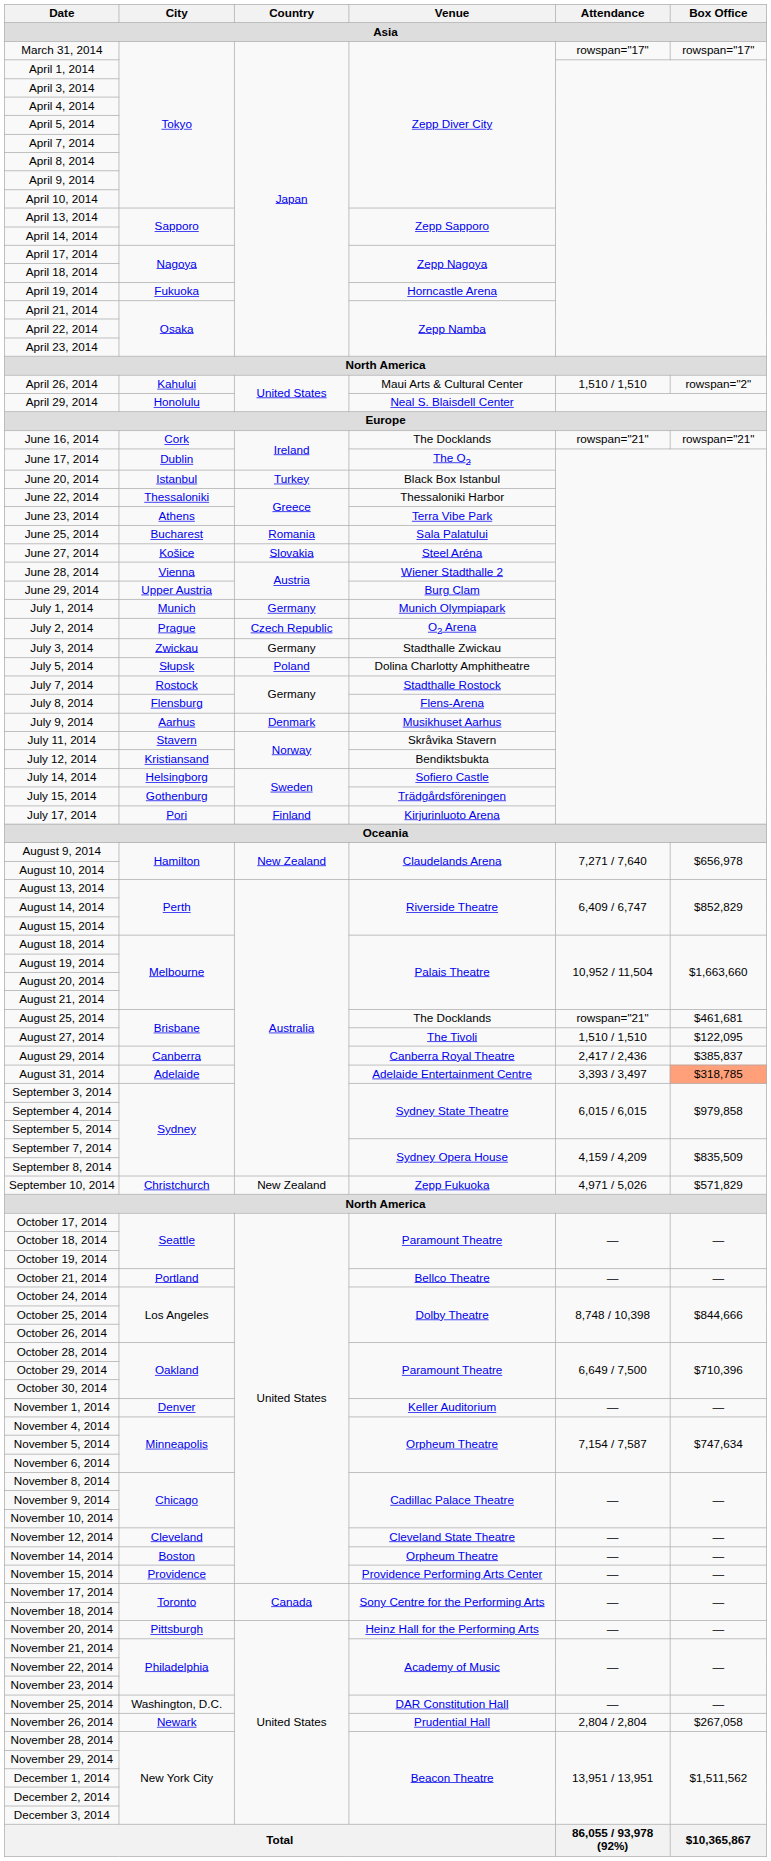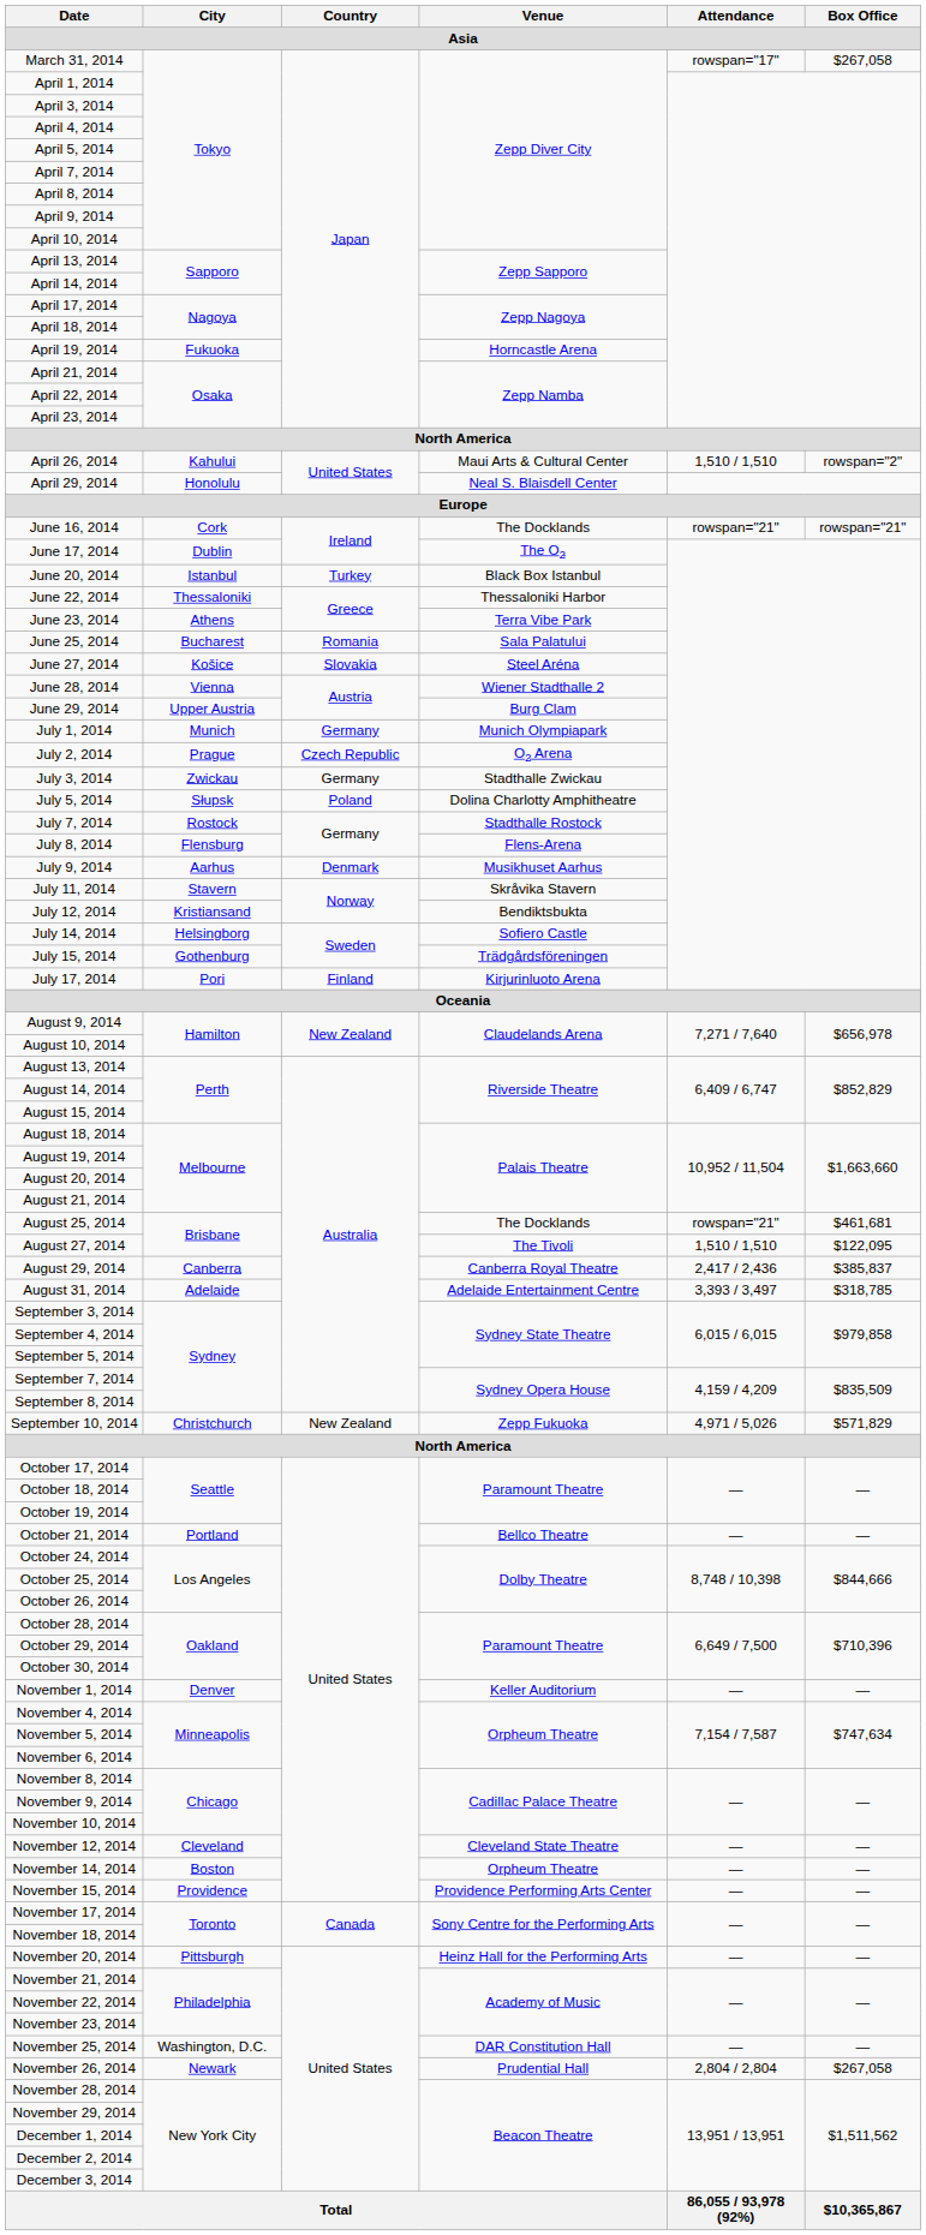 <table class="wikitable" style="text-align:center;">
 <tr>
 <th width="150">Date</th>
 <th width="150">City</th>
 <th width="150">Country</th>
 <th width="275">Venue</th>
 <th width="150">Attendance</th>
 <th width="125">Box Office</th>
 </tr>
 <tr>
 <th colspan="6" style="background:#ddd;">Asia</th>
 </tr>
 <tr>
 <td>March 31, 2014</td>
 <td rowspan="9"><a href='#'>Tokyo</a></td>
 <td rowspan="17"><a href='#'>Japan</a></td>
 <td rowspan="9"><a href='#'>Zepp Diver City</a></td>
 <td>rowspan="17" </td>
-<td>rowspan="17" </td>
+<td>$267,058</td>
 </tr>
 <tr>
 <td>April 1, 2014</td>
 </tr>
 <tr>
 <td>April 3, 2014</td>
 </tr>
 <tr>
 <td>April 4, 2014</td>
 </tr>
 <tr>
 <td>April 5, 2014</td>
 </tr>
 <tr>
 <td>April 7, 2014</td>
 </tr>
 <tr>
 <td>April 8, 2014</td>
 </tr>
 <tr>
 <td>April 9, 2014</td>
 </tr>
 <tr>
 <td>April 10, 2014</td>
 </tr>
 <tr>
 <td>April 13, 2014</td>
 <td rowspan="2"><a href='#'>Sapporo</a></td>
 <td rowspan="2"><a href='#'>Zepp Sapporo</a></td>
 </tr>
 <tr>
 <td>April 14, 2014</td>
 </tr>
 <tr>
 <td>April 17, 2014</td>
 <td rowspan="2"><a href='#'>Nagoya</a></td>
 <td rowspan="2"><a href='#'>Zepp Nagoya</a></td>
 </tr>
 <tr>
 <td>April 18, 2014</td>
 </tr>
 <tr>
 <td>April 19, 2014</td>
 <td><a href='#'>Fukuoka</a></td>
 <td><a href='#'>Horncastle Arena</a></td>
 </tr>
 <tr>
 <td>April 21, 2014</td>
 <td rowspan="3"><a href='#'>Osaka</a></td>
 <td rowspan="3"><a href='#'>Zepp Namba</a></td>
 </tr>
 <tr>
 <td>April 22, 2014</td>
 </tr>
 <tr>
 <td>April 23, 2014</td>
 </tr>
 <tr>
 <th colspan="6" style="background:#ddd;">North America</th>
 </tr>
 <tr>
 <td>April 26, 2014</td>
 <td><a href='#'>Kahului</a></td>
 <td rowspan="2"><a href='#'>United States</a></td>
 <td>Maui Arts & Cultural Center</td>
 <td>1,510 / 1,510</td>
 <td>rowspan="2" </td>
 </tr>
 <tr>
 <td>April 29, 2014</td>
 <td><a href='#'>Honolulu</a></td>
 <td><a href='#'>Neal S. Blaisdell Center</a></td>
 </tr>
 <tr>
 <th colspan=6 style="background:#ddd;">Europe</th>
 </tr>
 <tr>
 <td>June 16, 2014</td>
 <td><a href='#'>Cork</a></td>
 <td rowspan="2"><a href='#'>Ireland</a></td>
 <td>The Docklands</td>
 <td>rowspan="21" </td>
 <td>rowspan="21" </td>
 </tr>
 <tr>
 <td>June 17, 2014</td>
 <td><a href='#'>Dublin</a></td>
 <td><a href='#'>The O<sub>2</sub></a></td>
 </tr>
 <tr>
 <td>June 20, 2014</td>
 <td><a href='#'>Istanbul</a></td>
 <td><a href='#'>Turkey</a></td>
 <td>Black Box Istanbul</td>
 </tr>
 <tr>
 <td>June 22, 2014</td>
 <td><a href='#'>Thessaloniki</a></td>
 <td rowspan="2"><a href='#'>Greece</a></td>
 <td>Thessaloniki Harbor</td>
 </tr>
 <tr>
 <td>June 23, 2014</td>
 <td><a href='#'>Athens</a></td>
 <td><a href='#'>Terra Vibe Park</a></td>
 </tr>
 <tr>
 <td>June 25, 2014</td>
 <td><a href='#'>Bucharest</a></td>
 <td><a href='#'>Romania</a></td>
 <td><a href='#'>Sala Palatului</a></td>
 </tr>
 <tr>
 <td>June 27, 2014</td>
 <td><a href='#'>Košice</a></td>
 <td><a href='#'>Slovakia</a></td>
 <td><a href='#'>Steel Aréna</a></td>
 </tr>
 <tr>
 <td>June 28, 2014</td>
 <td><a href='#'>Vienna</a></td>
 <td rowspan="2"><a href='#'>Austria</a></td>
 <td><a href='#'>Wiener Stadthalle 2</a></td>
 </tr>
 <tr>
 <td>June 29, 2014</td>
 <td><a href='#'>Upper Austria</a></td>
 <td><a href='#'>Burg Clam</a></td>
 </tr>
 <tr>
 <td>July 1, 2014</td>
 <td><a href='#'>Munich</a></td>
 <td><a href='#'>Germany</a></td>
 <td><a href='#'>Munich Olympiapark</a></td>
 </tr>
 <tr>
 <td>July 2, 2014</td>
 <td><a href='#'>Prague</a></td>
 <td><a href='#'>Czech Republic</a></td>
 <td><a href='#'>O<sub>2</sub> Arena</a></td>
 </tr>
 <tr>
 <td>July 3, 2014</td>
 <td><a href='#'>Zwickau</a></td>
 <td>Germany</td>
 <td>Stadthalle Zwickau</td>
 </tr>
 <tr>
 <td>July 5, 2014</td>
 <td><a href='#'>Słupsk</a></td>
 <td><a href='#'>Poland</a></td>
 <td>Dolina Charlotty Amphitheatre</td>
 </tr>
 <tr>
 <td>July 7, 2014</td>
 <td><a href='#'>Rostock</a></td>
 <td rowspan="2">Germany</td>
 <td><a href='#'>Stadthalle Rostock</a></td>
 </tr>
 <tr>
 <td>July 8, 2014</td>
 <td><a href='#'>Flensburg</a></td>
 <td><a href='#'>Flens-Arena</a></td>
 </tr>
 <tr>
 <td>July 9, 2014</td>
 <td><a href='#'>Aarhus</a></td>
 <td><a href='#'>Denmark</a></td>
 <td><a href='#'>Musikhuset Aarhus</a></td>
 </tr>
 <tr>
 <td>July 11, 2014</td>
 <td><a href='#'>Stavern</a></td>
 <td rowspan="2"><a href='#'>Norway</a></td>
 <td>Skråvika Stavern</td>
 </tr>
 <tr>
 <td>July 12, 2014</td>
 <td><a href='#'>Kristiansand</a></td>
 <td>Bendiktsbukta</td>
 </tr>
 <tr>
 <td>July 14, 2014</td>
 <td><a href='#'>Helsingborg</a></td>
 <td rowspan="2"><a href='#'>Sweden</a></td>
 <td><a href='#'>Sofiero Castle</a></td>
 </tr>
 <tr>
 <td>July 15, 2014</td>
 <td><a href='#'>Gothenburg</a></td>
 <td><a href='#'>Trädgårdsföreningen</a></td>
 </tr>
 <tr>
 <td>July 17, 2014</td>
 <td><a href='#'>Pori</a></td>
 <td><a href='#'>Finland</a></td>
 <td><a href='#'>Kirjurinluoto Arena</a></td>
 </tr>
 <tr>
 <td colspan=7 style="background:#ddd;"><strong>Oceania</strong></td>
 </tr>
 <tr>
 <td>August 9, 2014</td>
 <td rowspan="2"><a href='#'>Hamilton</a></td>
 <td rowspan="2"><a href='#'>New Zealand</a></td>
 <td rowspan="2"><a href='#'>Claudelands Arena</a></td>
 <td rowspan="2">7,271 / 7,640</td>
 <td rowspan="2">$656,978</td>
 </tr>
 <tr>
 <td>August 10, 2014</td>
 </tr>
 <tr>
 <td>August 13, 2014</td>
 <td rowspan="3"><a href='#'>Perth</a></td>
 <td rowspan="16"><a href='#'>Australia</a></td>
 <td rowspan="3"><a href='#'>Riverside Theatre</a></td>
 <td rowspan="3">6,409 / 6,747</td>
 <td rowspan="3">$852,829</td>
 </tr>
 <tr>
 <td>August 14, 2014</td>
 </tr>
 <tr>
 <td>August 15, 2014</td>
 </tr>
 <tr>
 <td>August 18, 2014</td>
 <td rowspan="4"><a href='#'>Melbourne</a></td>
 <td rowspan="4"><a href='#'>Palais Theatre</a></td>
 <td rowspan="4">10,952 / 11,504</td>
 <td rowspan="4">$1,663,660</td>
 </tr>
 <tr>
 <td>August 19, 2014</td>
 </tr>
 <tr>
 <td>August 20, 2014</td>
 </tr>
 <tr>
 <td>August 21, 2014</td>
 </tr>
 <tr>
 <td>August 25, 2014</td>
 <td rowspan="2"><a href='#'>Brisbane</a></td>
 <td>The Docklands</td>
 <td>rowspan="21" </td>
 <td>$461,681</td>
 </tr>
 <tr>
 <td>August 27, 2014</td>
 <td><a href='#'>The Tivoli</a></td>
 <td>1,510 / 1,510</td>
 <td>$122,095</td>
 </tr>
 <tr>
 <td>August 29, 2014</td>
 <td><a href='#'>Canberra</a></td>
 <td><a href='#'>Canberra Royal Theatre</a></td>
 <td>2,417 / 2,436</td>
 <td>$385,837</td>
 </tr>
 <tr>
 <td>August 31, 2014</td>
 <td><a href='#'>Adelaide</a></td>
 <td><a href='#'>Adelaide Entertainment Centre</a></td>
 <td>3,393 / 3,497</td>
-<td style="background: lightsalmon;">$318,785</td>
+<td>$318,785</td>
 </tr>
 <tr>
 <td>September 3, 2014</td>
 <td rowspan="5"><a href='#'>Sydney</a></td>
 <td rowspan="3"><a href='#'>Sydney State Theatre</a></td>
 <td rowspan="3">6,015 / 6,015</td>
 <td rowspan="3">$979,858</td>
 </tr>
 <tr>
 <td>September 4, 2014</td>
 </tr>
 <tr>
 <td>September 5, 2014</td>
 </tr>
 <tr>
 <td>September 7, 2014</td>
 <td rowspan="2"><a href='#'>Sydney Opera House</a></td>
 <td rowspan="2">4,159 / 4,209</td>
 <td rowspan="2">$835,509</td>
 </tr>
 <tr>
 <td>September 8, 2014</td>
 </tr>
 <tr>
 <td>September 10, 2014</td>
 <td><a href='#'>Christchurch</a></td>
 <td>New Zealand</td>
 <td><a href='#'>Zepp Fukuoka</a></td>
 <td>4,971 / 5,026</td>
 <td>$571,829</td>
 </tr>
 <tr>
 <td colspan=7 style="background:#ddd;"><strong>North America</strong></td>
 </tr>
 <tr>
 <td>October 17, 2014</td>
 <td rowspan="3"><a href='#'>Seattle</a></td>
 <td rowspan="20">United States</td>
 <td rowspan="3"><a href='#'>Paramount Theatre</a></td>
 <td rowspan="3">—</td>
 <td rowspan="3">—</td>
 </tr>
 <tr>
 <td>October 18, 2014</td>
 </tr>
 <tr>
 <td>October 19, 2014</td>
 </tr>
 <tr>
 <td>October 21, 2014</td>
 <td><a href='#'>Portland</a></td>
 <td><a href='#'>Bellco Theatre</a></td>
 <td>—</td>
 <td>—</td>
 </tr>
 <tr>
 <td>October 24, 2014</td>
 <td rowspan="3">Los Angeles</td>
 <td rowspan="3"><a href='#'>Dolby Theatre</a></td>
 <td rowspan="3">8,748 / 10,398</td>
 <td rowspan="3">$844,666</td>
 </tr>
 <tr>
 <td>October 25, 2014</td>
 </tr>
 <tr>
 <td>October 26, 2014</td>
 </tr>
 <tr>
 <td>October 28, 2014</td>
 <td rowspan="3"><a href='#'>Oakland</a></td>
 <td rowspan="3"><a href='#'>Paramount Theatre</a></td>
 <td rowspan="3">6,649 / 7,500</td>
 <td rowspan="3">$710,396</td>
 </tr>
 <tr>
 <td>October 29, 2014</td>
 </tr>
 <tr>
 <td>October 30, 2014</td>
 </tr>
 <tr>
 <td>November 1, 2014</td>
 <td><a href='#'>Denver</a></td>
 <td><a href='#'>Keller Auditorium</a></td>
 <td>—</td>
 <td>—</td>
 </tr>
 <tr>
 <td>November 4, 2014</td>
 <td rowspan="3"><a href='#'>Minneapolis</a></td>
 <td rowspan="3"><a href='#'>Orpheum Theatre</a></td>
 <td rowspan="3">7,154 / 7,587</td>
 <td rowspan="3">$747,634</td>
 </tr>
 <tr>
 <td>November 5, 2014</td>
 </tr>
 <tr>
 <td>November 6, 2014</td>
 </tr>
 <tr>
 <td>November 8, 2014</td>
 <td rowspan="3"><a href='#'>Chicago</a></td>
 <td rowspan="3"><a href='#'>Cadillac Palace Theatre</a></td>
 <td rowspan="3">—</td>
 <td rowspan="3">—</td>
 </tr>
 <tr>
 <td>November 9, 2014</td>
 </tr>
 <tr>
 <td>November 10, 2014</td>
 </tr>
 <tr>
 <td>November 12, 2014</td>
 <td><a href='#'>Cleveland</a></td>
 <td><a href='#'>Cleveland State Theatre</a></td>
 <td>—</td>
 <td>—</td>
 </tr>
 <tr>
 <td>November 14, 2014</td>
 <td><a href='#'>Boston</a></td>
 <td><a href='#'>Orpheum Theatre</a></td>
 <td>—</td>
 <td>—</td>
 </tr>
 <tr>
 <td>November 15, 2014</td>
 <td><a href='#'>Providence</a></td>
 <td><a href='#'>Providence Performing Arts Center</a></td>
 <td>—</td>
 <td>—</td>
 </tr>
 <tr>
 <td>November 17, 2014</td>
 <td rowspan="2"><a href='#'>Toronto</a></td>
 <td rowspan="2"><a href='#'>Canada</a></td>
 <td rowspan="2"><a href='#'>Sony Centre for the Performing Arts</a></td>
 <td rowspan="2">—</td>
 <td rowspan="2">—</td>
 </tr>
 <tr>
 <td>November 18, 2014</td>
 </tr>
 <tr>
 <td>November 20, 2014</td>
 <td><a href='#'>Pittsburgh</a></td>
 <td rowspan="11">United States</td>
 <td><a href='#'>Heinz Hall for the Performing Arts</a></td>
 <td>—</td>
 <td>—</td>
 </tr>
 <tr>
 <td>November 21, 2014</td>
 <td rowspan="3"><a href='#'>Philadelphia</a></td>
 <td rowspan="3"><a href='#'>Academy of Music</a></td>
 <td rowspan="3">—</td>
 <td rowspan="3">—</td>
 </tr>
 <tr>
 <td>November 22, 2014</td>
 </tr>
 <tr>
 <td>November 23, 2014</td>
 </tr>
 <tr>
 <td>November 25, 2014</td>
 <td>Washington, D.C.</td>
 <td><a href='#'>DAR Constitution Hall</a></td>
 <td>—</td>
 <td>—</td>
 </tr>
 <tr>
 <td>November 26, 2014</td>
 <td><a href='#'>Newark</a></td>
 <td><a href='#'>Prudential Hall</a></td>
 <td>2,804 / 2,804</td>
 <td>$267,058</td>
 </tr>
 <tr>
 <td>November 28, 2014</td>
 <td rowspan="5">New York City</td>
 <td rowspan="5"><a href='#'>Beacon Theatre</a></td>
 <td rowspan="5">13,951 / 13,951</td>
 <td rowspan="5">$1,511,562</td>
 </tr>
 <tr>
 <td>November 29, 2014</td>
 </tr>
 <tr>
 <td>December 1, 2014</td>
 </tr>
 <tr>
 <td>December 2, 2014</td>
 </tr>
 <tr>
 <td>December 3, 2014</td>
 </tr>
 <tr>
 <th colspan="4">Total</th>
 <th>86,055 / 93,978 <br> (92%)</th>
 <th>$10,365,867</th>
 </tr>
 </table>
